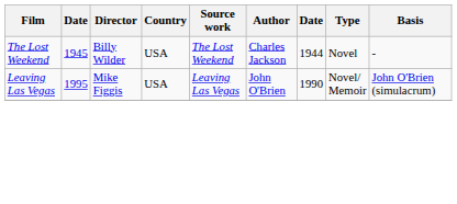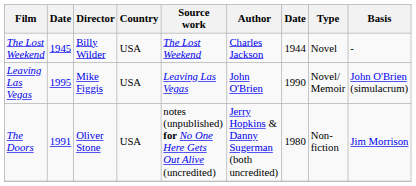 <table class="wikitable">
 <tr>
 <th>Film</th>
 <th>Date</th>
 <th>Director</th>
 <th>Country</th>
 <th>Source<br>work</th>
 <th>Author</th>
 <th>Date</th>
 <th>Type</th>
 <th>Basis</th>
 </tr>
 <tr>
 <td><em><a href='#'>The Lost Weekend</a></em></td>
 <td><a href='#'>1945</a></td>
 <td><a href='#'>Billy Wilder</a></td>
 <td>USA</td>
 <td><em><a href='#'>The Lost Weekend</a></em></td>
 <td><a href='#'>Charles Jackson</a></td>
 <td>1944</td>
 <td>Novel</td>
 <td>-</td>
 </tr>
 <tr>
 <td><em><a href='#'>Leaving Las Vegas</a></em></td>
 <td><a href='#'>1995</a></td>
 <td><a href='#'>Mike Figgis</a></td>
 <td>USA</td>
 <td><em><a href='#'>Leaving Las Vegas</a></em></td>
 <td><a href='#'>John O'Brien</a></td>
 <td>1990</td>
 <td>Novel/<br>Memoir</td>
 <td><a href='#'>John O'Brien</a> (simulacrum)</td>
 </tr>
 <tr>
+<td><em><a href='#'>The Doors</a></em></td>
+<td><a href='#'>1991</a></td>
+<td><a href='#'>Oliver Stone</a></td>
+<td>USA</td>
+<td>notes  (unpublished) <strong>for</strong> <em><a href='#'>No One Here Gets Out Alive</a></em> (uncredited)</td>
+<td><a href='#'>Jerry Hopkins</a> & <a href='#'>Danny Sugerman</a> (both uncredited)</td>
+<td>1980</td>
+<td>Non-fiction</td>
+<td><a href='#'>Jim Morrison</a></td>
+</tr>
+<tr>
 </tr>
 </table>
